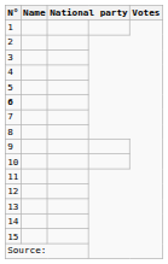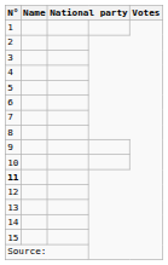 <table class="wikitable sortable" style="font-size:95%;line-height:14px;">
 <tr>
 <th>N°</th>
 <th>Name</th>
 <th colspan="2">National party</th>
 <th>Votes</th>
 </tr>
 <tr>
 <td>1</td>
 <td></td>
 <td></td>
 <td></td>
 </tr>
 <tr>
 <td>2</td>
 <td></td>
 <td></td>
 </tr>
 <tr>
 <td>3</td>
 <td></td>
 <td></td>
 </tr>
 <tr>
 <td>4</td>
 <td><em></em></td>
 <td></td>
 </tr>
 <tr>
 <td>5</td>
 <td></td>
 <td></td>
 </tr>
 <tr>
-<td><strong>6</strong></td>
+<td>6</td>
 <td></td>
 <td></td>
 </tr>
 <tr>
 <td>7</td>
 <td></td>
 <td></td>
 </tr>
 <tr>
 <td>8</td>
 <td></td>
 <td></td>
 </tr>
 <tr>
 <td>9</td>
 <td></td>
 <td></td>
 <td></td>
 </tr>
 <tr>
 <td>10</td>
 <td></td>
 <td></td>
 <td></td>
 </tr>
 <tr>
-<td>11</td>
+<td><strong>11</strong></td>
 <td></td>
 <td></td>
 </tr>
 <tr>
 <td>12</td>
 <td></td>
 <td></td>
 </tr>
 <tr>
 <td>13</td>
 <td></td>
 <td></td>
 </tr>
 <tr>
 <td>14</td>
 <td></td>
 <td></td>
 </tr>
 <tr>
 <td>15</td>
 <td></td>
 <td></td>
 </tr>
 <tr>
 <td colspan="3">Source: </td>
 </tr>
 </table>
